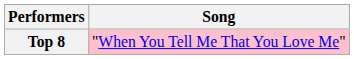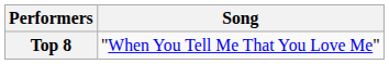 <table class="wikitable unsortable" style="text-align:center;">
 <tr>
 <th scope="col">Performers</th>
 <th scope="col">Song</th>
 </tr>
 <tr>
 <th scope="row">Top 8</th>
-<td style="background: pink;">"<a href='#'>When You Tell Me That You Love Me</a>"</td>
+<td>"<a href='#'>When You Tell Me That You Love Me</a>"</td>
 </tr>
 </table>
